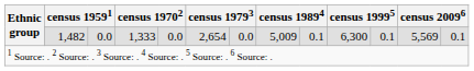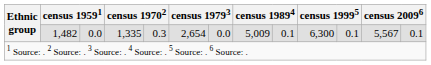 <table class="wikitable">
 <tr bgcolor="#e0e0e0">
 <th rowspan="2">Ethnic<br>group</th>
 <th colspan="2">census 1959<sup>1</sup></th>
 <th colspan="2">census 1970<sup>2</sup></th>
 <th colspan="2">census 1979<sup>3</sup></th>
 <th colspan="2">census 1989<sup>4</sup></th>
 <th colspan="2">census 1999<sup>5</sup></th>
 <th colspan="2">census 2009<sup>6</sup></th>
 </tr>
 <tr bgcolor="#e0e0e0">
 <td align="right">1,482</td>
 <td align="right">0.0</td>
-<td align="right">1,333</td>
-<td align="right">0.0</td>
+<td align="right">1,335</td>
+<td align="right">0.3</td>
 <td align="right">2,654</td>
 <td align="right">0.0</td>
 <td align="right">5,009</td>
 <td align="right">0.1</td>
 <td align="right">6,300</td>
 <td align="right">0.1</td>
-<td align="right">5,569</td>
+<td align="right">5,567</td>
 <td align="right">0.1</td>
 </tr>
 <tr>
 <td colspan="13"><small><sup>1</sup> Source: . <sup>2</sup> Source: . <sup>3</sup> Source: . <sup>4</sup> Source: . <sup>5</sup> Source: . <sup>6</sup> Source: . </small></td>
 </tr>
 </table>
